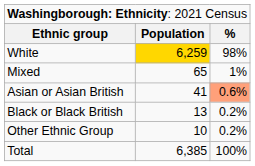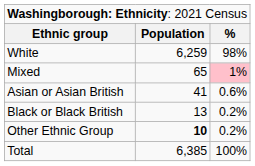 <table class="wikitable">
 <tr>
 <td colspan="14" style="text-align:right;"><strong>Washingborough: Ethnicity</strong>: 2021 Census</td>
 </tr>
 <tr>
 <th>Ethnic group</th>
 <th>Population</th>
 <th>%</th>
 </tr>
 <tr>
 <td>White</td>
-<td style="background: gold; text-align:right;">6,259</td>
+<td style="text-align:right;">6,259</td>
 <td style="text-align:right;">98%</td>
 </tr>
 <tr>
 <td>Mixed</td>
 <td style="text-align:right;">65</td>
-<td style="text-align:right;">1%</td>
+<td style="background: pink; text-align:right;">1%</td>
 </tr>
 <tr>
 <td>Asian or Asian British</td>
 <td style="text-align:right;">41</td>
-<td style="background: lightsalmon; text-align:right;">0.6%</td>
+<td style="text-align:right;">0.6%</td>
 </tr>
 <tr>
 <td>Black or Black British</td>
 <td style="text-align:right;">13</td>
 <td style="text-align:right;">0.2%</td>
 </tr>
 <tr>
 <td>Other Ethnic Group</td>
-<td style="text-align:right;">10</td>
+<td style="text-align:right;"><strong>10</strong></td>
 <td style="text-align:right;">0.2%</td>
 </tr>
 <tr>
 <td>Total</td>
 <td style="text-align:right;">6,385</td>
 <td style="text-align:right;">100%</td>
 </tr>
 </table>
